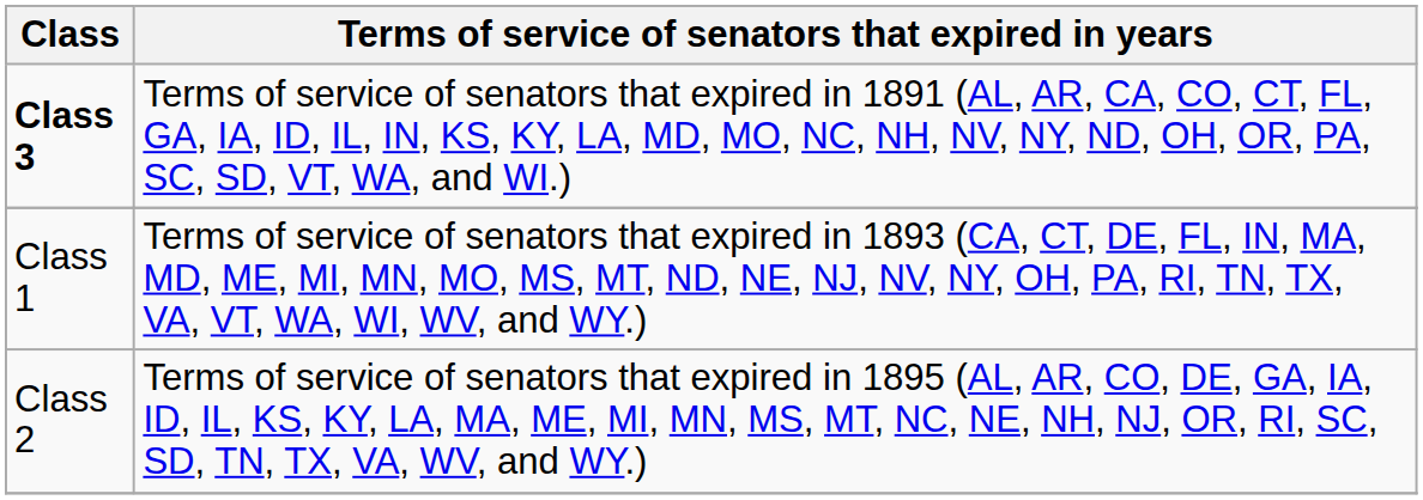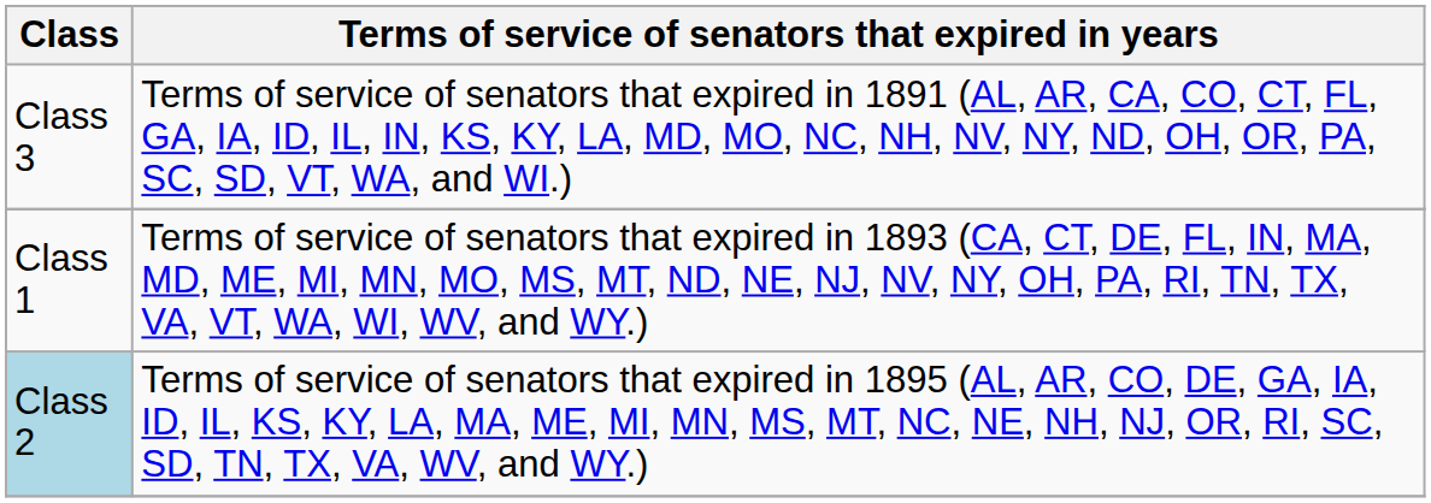 <table class="wikitable sortable">
 <tr valign=bottom>
 <th>Class</th>
 <th>Terms of service of senators that expired in years</th>
 </tr>
 <tr>
-<td><strong>Class 3</strong></td>
+<td>Class 3</td>
 <td>Terms of service of senators that expired in 1891 (<a href='#'>AL</a>, <a href='#'>AR</a>, <a href='#'>CA</a>, <a href='#'>CO</a>, <a href='#'>CT</a>, <a href='#'>FL</a>, <a href='#'>GA</a>, <a href='#'>IA</a>, <a href='#'>ID</a>, <a href='#'>IL</a>, <a href='#'>IN</a>, <a href='#'>KS</a>, <a href='#'>KY</a>, <a href='#'>LA</a>, <a href='#'>MD</a>, <a href='#'>MO</a>, <a href='#'>NC</a>, <a href='#'>NH</a>, <a href='#'>NV</a>, <a href='#'>NY</a>, <a href='#'>ND</a>, <a href='#'>OH</a>, <a href='#'>OR</a>, <a href='#'>PA</a>, <a href='#'>SC</a>, <a href='#'>SD</a>, <a href='#'>VT</a>, <a href='#'>WA</a>, and <a href='#'>WI</a>.)</td>
 </tr>
 <tr>
 </tr>
 <tr>
 <td>Class 1</td>
 <td>Terms of service of senators that expired in 1893 (<a href='#'>CA</a>, <a href='#'>CT</a>, <a href='#'>DE</a>, <a href='#'>FL</a>, <a href='#'>IN</a>, <a href='#'>MA</a>, <a href='#'>MD</a>, <a href='#'>ME</a>, <a href='#'>MI</a>, <a href='#'>MN</a>, <a href='#'>MO</a>, <a href='#'>MS</a>, <a href='#'>MT</a>, <a href='#'>ND</a>, <a href='#'>NE</a>, <a href='#'>NJ</a>, <a href='#'>NV</a>, <a href='#'>NY</a>, <a href='#'>OH</a>, <a href='#'>PA</a>, <a href='#'>RI</a>, <a href='#'>TN</a>, <a href='#'>TX</a>, <a href='#'>VA</a>, <a href='#'>VT</a>, <a href='#'>WA</a>, <a href='#'>WI</a>, <a href='#'>WV</a>, and <a href='#'>WY</a>.)</td>
 </tr>
 <tr>
-<td>Class 2</td>
+<td style="background: lightblue;">Class 2</td>
 <td>Terms of service of senators that expired in 1895 (<a href='#'>AL</a>, <a href='#'>AR</a>, <a href='#'>CO</a>, <a href='#'>DE</a>, <a href='#'>GA</a>, <a href='#'>IA</a>, <a href='#'>ID</a>, <a href='#'>IL</a>, <a href='#'>KS</a>, <a href='#'>KY</a>, <a href='#'>LA</a>, <a href='#'>MA</a>, <a href='#'>ME</a>, <a href='#'>MI</a>, <a href='#'>MN</a>, <a href='#'>MS</a>, <a href='#'>MT</a>, <a href='#'>NC</a>, <a href='#'>NE</a>, <a href='#'>NH</a>, <a href='#'>NJ</a>, <a href='#'>OR</a>, <a href='#'>RI</a>, <a href='#'>SC</a>, <a href='#'>SD</a>, <a href='#'>TN</a>, <a href='#'>TX</a>, <a href='#'>VA</a>, <a href='#'>WV</a>, and <a href='#'>WY</a>.)</td>
 </tr>
 <tr>
 </tr>
 </table>
